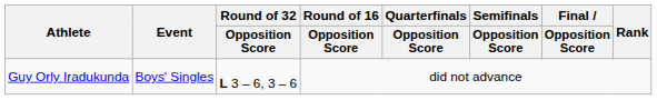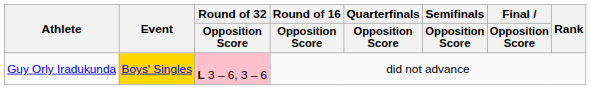 <table class=wikitable style="font-size:90%">
 <tr>
 <th rowspan="2">Athlete</th>
 <th rowspan="2">Event</th>
 <th>Round of 32</th>
 <th>Round of 16</th>
 <th>Quarterfinals</th>
 <th>Semifinals</th>
 <th>Final / </th>
 <th rowspan=2>Rank</th>
 </tr>
 <tr style="font-size:95%">
 <th>Opposition<br>Score</th>
 <th>Opposition<br>Score</th>
 <th>Opposition<br>Score</th>
 <th>Opposition<br>Score</th>
 <th>Opposition<br>Score</th>
 </tr>
 <tr align=center>
 <td align=left><a href='#'>Guy Orly Iradukunda</a></td>
-<td align=left><a href='#'>Boys' Singles</a></td>
-<td><br><strong>L</strong> 3 – 6, 3 – 6</td>
+<td align=left style="background: gold;"><a href='#'>Boys' Singles</a></td>
+<td style="background: pink;"><br><strong>L</strong> 3 – 6, 3 – 6</td>
 <td colspan=5>did not advance</td>
 </tr>
 </table>
